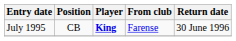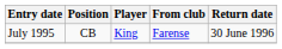 <table class="wikitable">
 <tr>
 <th>Entry date</th>
 <th>Position</th>
 <th>Player</th>
 <th>From club</th>
 <th>Return date</th>
 </tr>
 <tr>
 <td>July 1995</td>
 <td style="text-align:center;">CB</td>
-<td style="text-align:left;"><strong><a href='#'>King</a></strong></td>
+<td style="text-align:left;"><a href='#'>King</a></td>
 <td style="text-align:left;"><a href='#'>Farense</a></td>
 <td>30 June 1996</td>
 </tr>
 <tr>
 </tr>
 </table>
